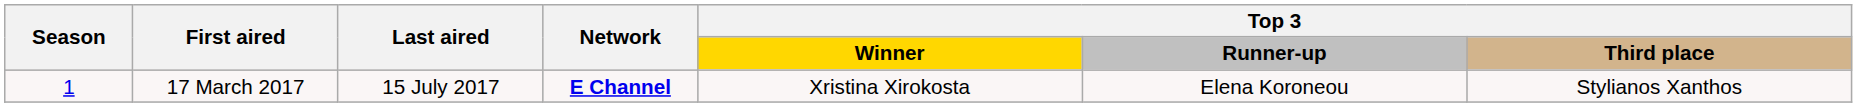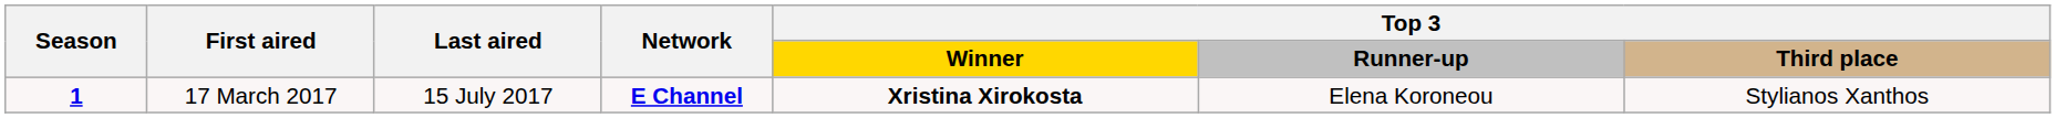 <table class="wikitable" style="white-space:nowrap; font-size:85%;">
 <tr>
 <th style="width:5%;" rowspan="2">Season</th>
 <th style="width:8%;" rowspan="2">First aired</th>
 <th style="width:8%;" rowspan="2">Last aired</th>
 <th style="width:6%;" rowspan="2">Network</th>
 <th style="width:48%;" colspan="3">Top 3</th>
 </tr>
 <tr>
 <th style="width:15%; background:gold;">Winner</th>
 <th style="width:15%; background:silver;">Runner-up</th>
 <th style="width:15%; background:tan;">Third place</th>
 </tr>
 <tr style="text-align: center; background:#faf6f6;">
-<td><a href='#'>1</a></td>
+<td><strong><a href='#'>1</a></strong></td>
 <td>17 March 2017 </td>
 <td>15 July 2017 </td>
 <td><strong><a href='#'>E Channel</a></strong></td>
-<td>Xristina Xirokosta</td>
+<td><strong>Xristina Xirokosta</strong></td>
 <td>Elena Koroneou</td>
 <td>Stylianos Xanthos</td>
 </tr>
 </table>
